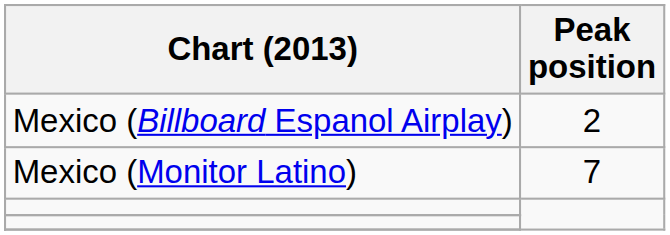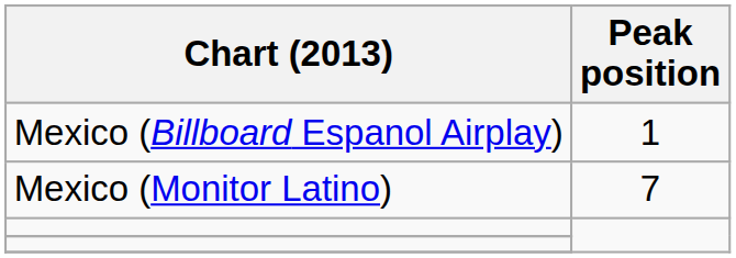 <table class="wikitable sortable">
 <tr>
 <th>Chart (2013)</th>
 <th>Peak<br>position</th>
 </tr>
 <tr>
 <td align="left">Mexico (<a href='#'><em>Billboard</em> Espanol Airplay</a>)</td>
-<td style="text-align:center;">2</td>
+<td style="text-align:center;">1</td>
 </tr>
 <tr>
 <td align="left">Mexico (<a href='#'>Monitor Latino</a>)</td>
 <td style="text-align:center;">7</td>
 </tr>
 <tr>
 <td></td>
 </tr>
 <tr>
 </tr>
 <tr>
 <td></td>
 </tr>
 <tr>
 </tr>
 <tr>
 </tr>
 </table>
